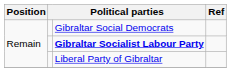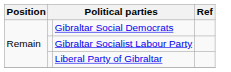 <table class="wikitable">
 <tr>
 <th>Position</th>
 <th colspan=2>Political parties</th>
 <th>Ref</th>
 </tr>
 <tr>
 <td rowspan="3">Remain</td>
 <td style="background-color: "></td>
 <td><a href='#'>Gibraltar Social Democrats</a></td>
 <td></td>
 </tr>
 <tr>
 <td style="background-color: "></td>
-<td><strong><a href='#'>Gibraltar Socialist Labour Party</a></strong></td>
+<td><a href='#'>Gibraltar Socialist Labour Party</a></td>
 <td></td>
 </tr>
 <tr>
 <td style="background-color: "></td>
 <td><a href='#'>Liberal Party of Gibraltar</a></td>
 <td></td>
 </tr>
 <tr>
 </tr>
 </table>
